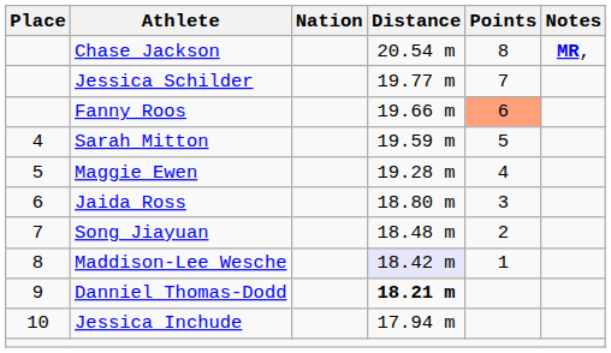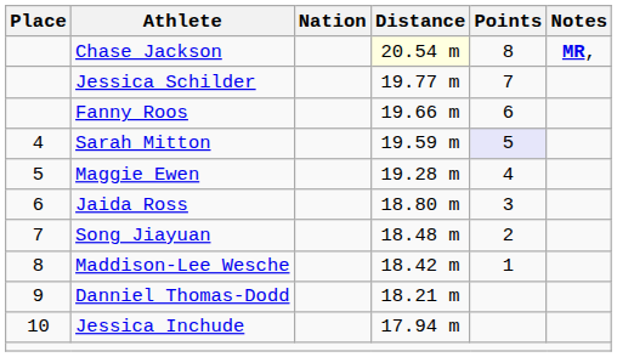 <table class="wikitable mw-datatable sortable" style="text-align:center;">
 <tr>
 <th scope="col">Place</th>
 <th scope="col">Athlete</th>
 <th scope="col">Nation</th>
 <th scope="col">Distance</th>
 <th scope="col">Points</th>
 <th scope="col">Notes</th>
 </tr>
 <tr>
 <td></td>
 <td align="left"><a href='#'>Chase Jackson</a></td>
 <td align="left"></td>
-<td>20.54 m</td>
+<td style="background: lightyellow;">20.54 m</td>
 <td>8</td>
 <td><strong><a href='#'>MR</a></strong>, </td>
 </tr>
 <tr>
 <td></td>
 <td align="left"><a href='#'>Jessica Schilder</a></td>
 <td align="left"></td>
 <td>19.77 m</td>
 <td>7</td>
 <td></td>
 </tr>
 <tr>
 <td></td>
 <td align="left"><a href='#'>Fanny Roos</a></td>
 <td align="left"></td>
 <td>19.66 m</td>
-<td style="background: lightsalmon;">6</td>
+<td>6</td>
 <td><strong></strong></td>
 </tr>
 <tr>
 <td>4</td>
 <td align="left"><a href='#'>Sarah Mitton</a></td>
 <td align="left"></td>
 <td>19.59 m</td>
-<td>5</td>
+<td style="background: lavender;">5</td>
 <td></td>
 </tr>
 <tr>
 <td>5</td>
 <td align="left"><a href='#'>Maggie Ewen</a></td>
 <td align="left"></td>
 <td>19.28 m</td>
 <td>4</td>
 <td></td>
 </tr>
 <tr>
 <td>6</td>
 <td align="left"><a href='#'>Jaida Ross</a></td>
 <td align="left"></td>
 <td>18.80 m</td>
 <td>3</td>
 <td></td>
 </tr>
 <tr>
 <td>7</td>
 <td align="left"><a href='#'>Song Jiayuan</a></td>
 <td align="left"></td>
 <td>18.48 m</td>
 <td>2</td>
 <td></td>
 </tr>
 <tr>
 <td>8</td>
 <td align="left"><a href='#'>Maddison-Lee Wesche</a></td>
 <td align="left"></td>
-<td style="background: lavender;">18.42 m</td>
+<td>18.42 m</td>
 <td>1</td>
 <td></td>
 </tr>
 <tr>
 <td>9</td>
 <td align="left"><a href='#'>Danniel Thomas-Dodd</a></td>
 <td align="left"></td>
-<td><strong>18.21 m</strong></td>
+<td>18.21 m</td>
 <td></td>
 <td></td>
 </tr>
 <tr>
 <td>10</td>
 <td align="left"><a href='#'>Jessica Inchude</a></td>
 <td align="left"></td>
 <td>17.94 m</td>
 <td></td>
 <td></td>
 </tr>
 <tr class="sortbottom">
 <td colspan="6"></td>
 </tr>
 </table>
